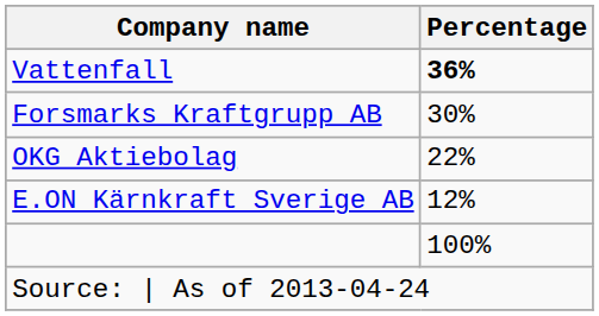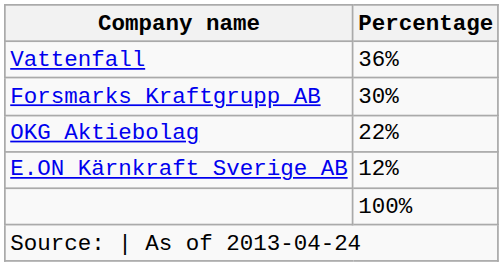 <table class="wikitable">
 <tr>
 <th>Company name</th>
 <th>Percentage</th>
 </tr>
 <tr>
 <td><a href='#'>Vattenfall</a></td>
-<td><strong>36%</strong></td>
+<td>36%</td>
 </tr>
 <tr>
 <td><a href='#'>Forsmarks Kraftgrupp AB</a></td>
 <td>30%</td>
 </tr>
 <tr>
 <td><a href='#'>OKG Aktiebolag</a></td>
 <td>22%</td>
 </tr>
 <tr>
 <td><a href='#'>E.ON Kärnkraft Sverige AB</a></td>
 <td>12%</td>
 </tr>
 <tr>
 <td></td>
 <td>100%</td>
 </tr>
 <tr>
 <td colspan="2">Source: | As of 2013-04-24</td>
 </tr>
 </table>
